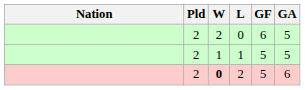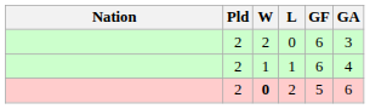 <table class=wikitable style="text-align:center">
 <tr>
 <th width=220>Nation</th>
 <th width=20>Pld</th>
 <th width=20>W</th>
 <th width=20>L</th>
 <th width=20>GF</th>
 <th width=20>GA</th>
 </tr>
 <tr bgcolor=ccffcc>
 <td align=left></td>
 <td>2</td>
 <td>2</td>
 <td>0</td>
 <td>6</td>
-<td>5</td>
+<td>3</td>
 </tr>
 <tr bgcolor=ccffcc>
 <td align=left></td>
 <td>2</td>
 <td>1</td>
 <td>1</td>
-<td>5</td>
-<td>5</td>
+<td>6</td>
+<td>4</td>
 </tr>
 <tr bgcolor=ffcccc>
 <td align=left></td>
 <td>2</td>
 <td><strong>0</strong></td>
 <td>2</td>
 <td>5</td>
 <td>6</td>
 </tr>
 </table>
